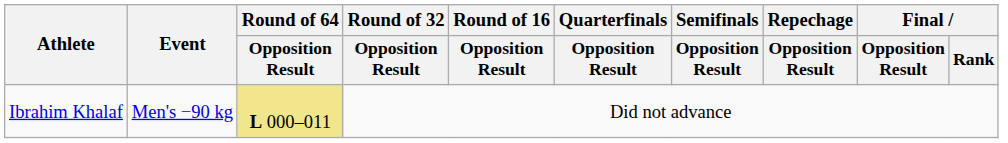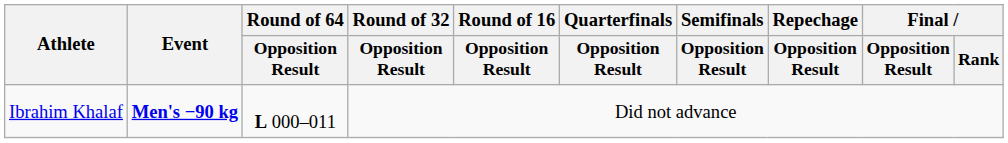 <table class="wikitable" style="font-size:90%">
 <tr>
 <th rowspan="2">Athlete</th>
 <th rowspan="2">Event</th>
 <th>Round of 64</th>
 <th>Round of 32</th>
 <th>Round of 16</th>
 <th>Quarterfinals</th>
 <th>Semifinals</th>
 <th>Repechage</th>
 <th colspan=2>Final / </th>
 </tr>
 <tr style="font-size:95%">
 <th>Opposition<br>Result</th>
 <th>Opposition<br>Result</th>
 <th>Opposition<br>Result</th>
 <th>Opposition<br>Result</th>
 <th>Opposition<br>Result</th>
 <th>Opposition<br>Result</th>
 <th>Opposition<br>Result</th>
 <th>Rank</th>
 </tr>
 <tr align=center>
 <td align=left><a href='#'>Ibrahim Khalaf</a></td>
-<td align=left><a href='#'>Men's −90 kg</a></td>
-<td style="background: khaki;"><br><strong>L</strong> 000–011</td>
+<td align=left><strong><a href='#'>Men's −90 kg</a></strong></td>
+<td><br><strong>L</strong> 000–011</td>
 <td colspan=7>Did not advance</td>
 </tr>
 </table>
